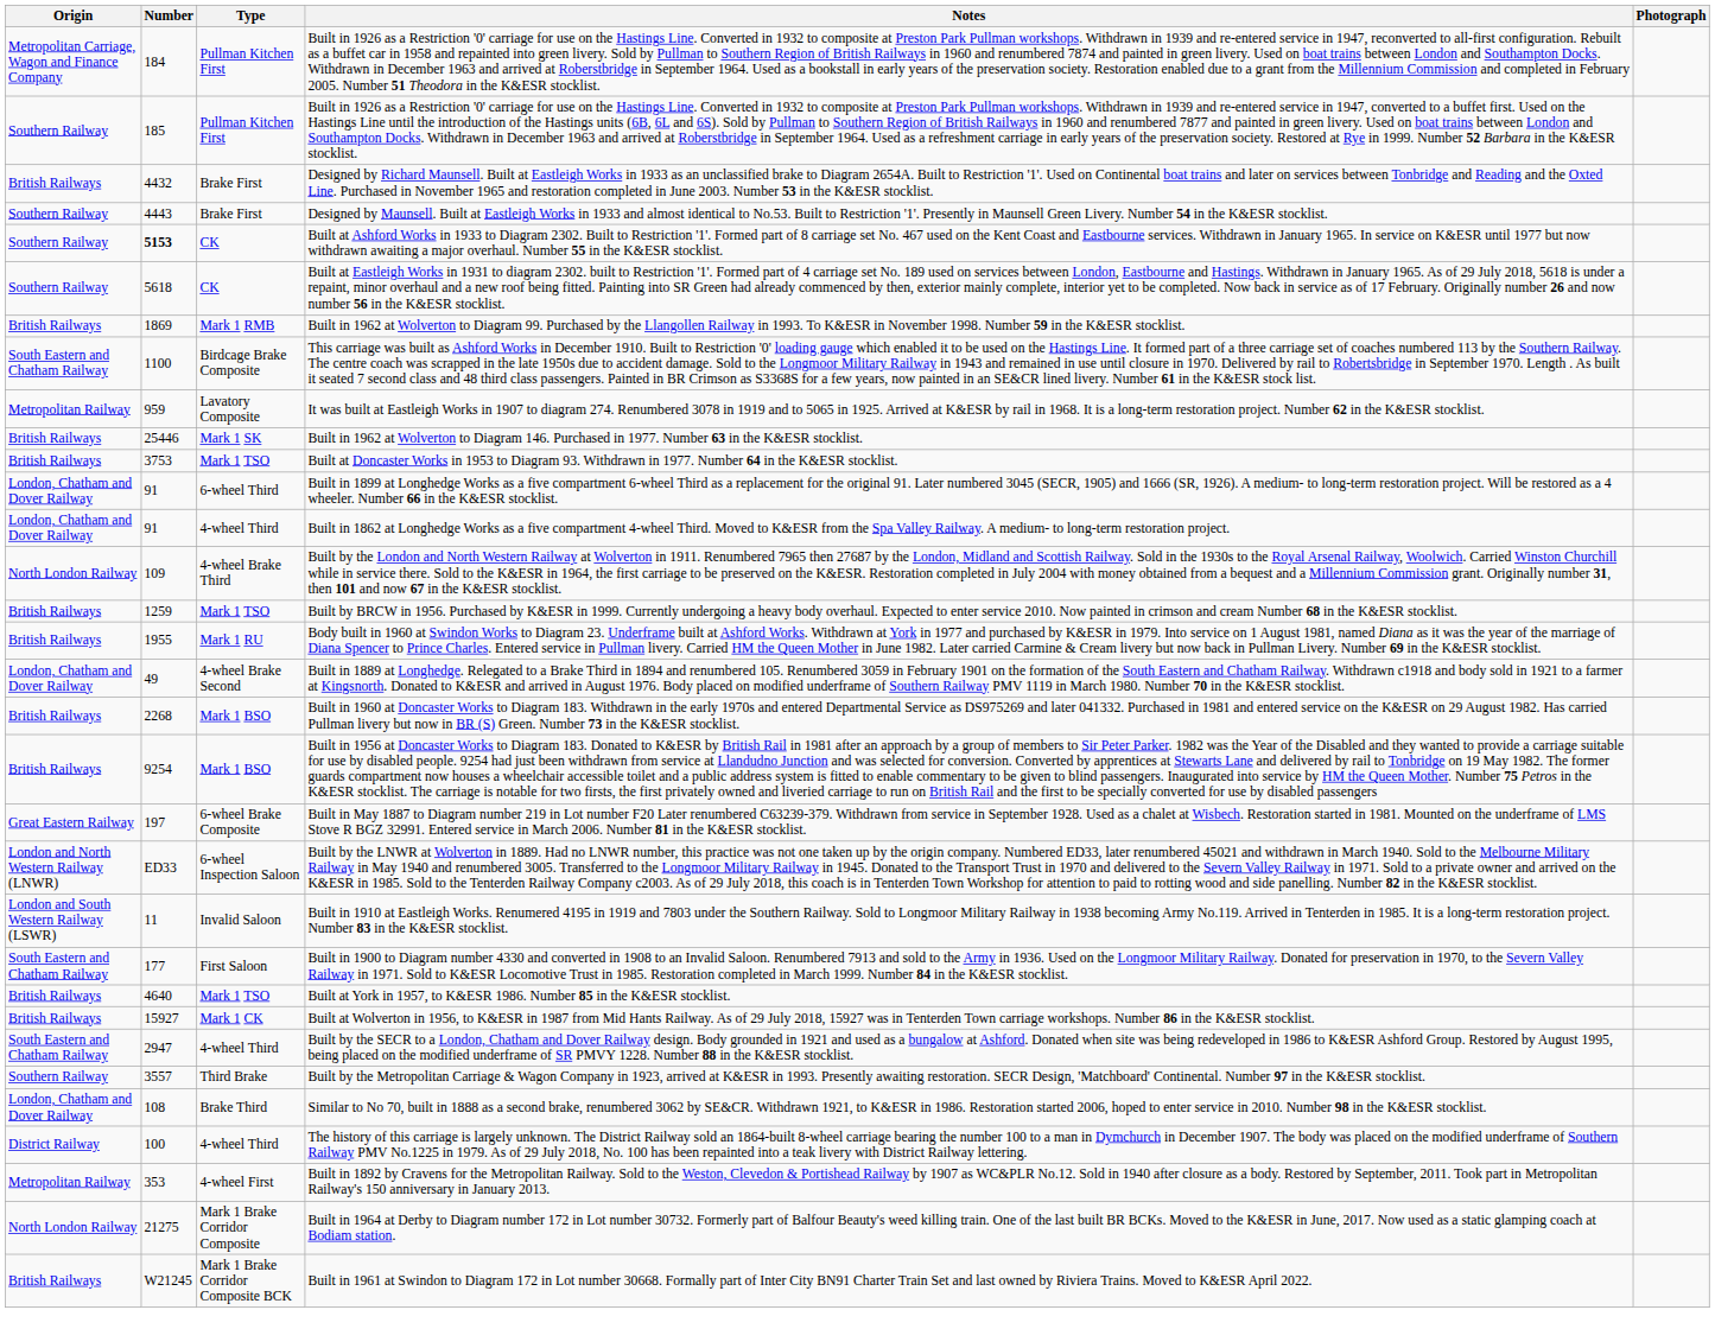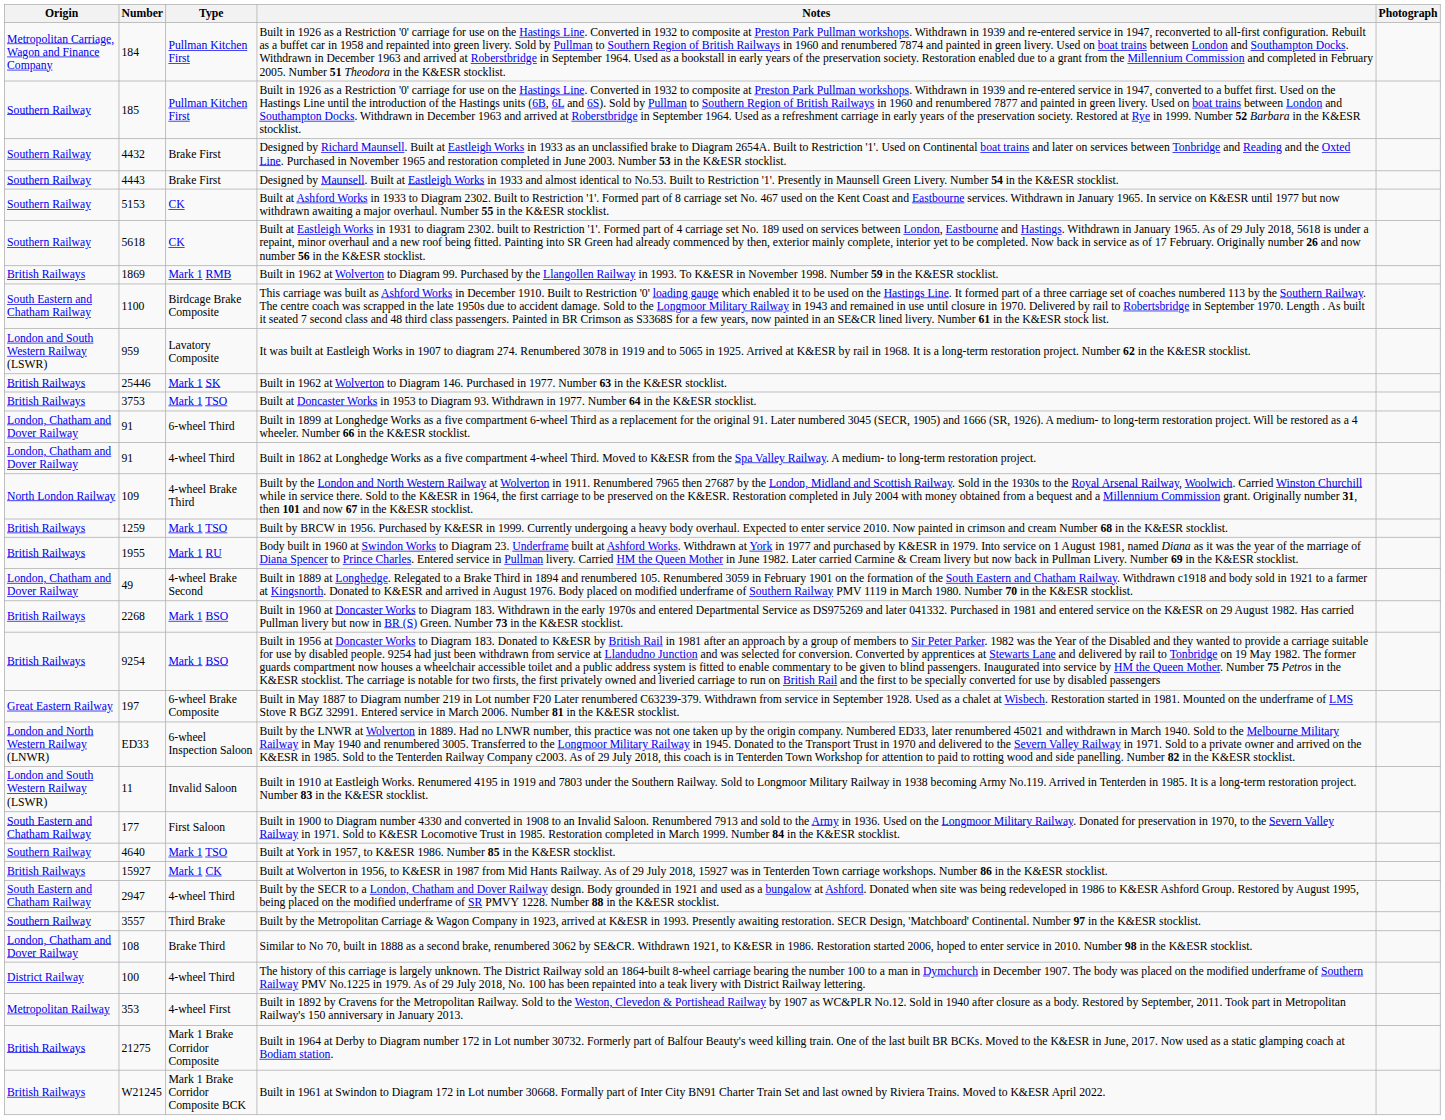 <table class="wikitable">
 <tr>
 <th>Origin</th>
 <th>Number</th>
 <th>Type</th>
 <th>Notes</th>
 <th>Photograph</th>
 </tr>
 <tr>
 <td><a href='#'>Metropolitan Carriage, Wagon and Finance Company</a></td>
 <td>184</td>
 <td><a href='#'>Pullman Kitchen First</a></td>
 <td>Built in 1926 as a Restriction '0' carriage for use on the <a href='#'>Hastings Line</a>. Converted in 1932 to composite at <a href='#'>Preston Park Pullman workshops</a>. Withdrawn in 1939 and re-entered service in 1947, reconverted to all-first configuration. Rebuilt as a buffet car in 1958 and repainted into green livery. Sold by <a href='#'>Pullman</a> to <a href='#'>Southern Region of British Railways</a> in 1960 and renumbered 7874 and painted in green livery. Used on <a href='#'>boat trains</a> between <a href='#'>London</a> and <a href='#'>Southampton Docks</a>. Withdrawn in December 1963 and arrived at <a href='#'>Roberstbridge</a> in September 1964. Used as a bookstall in early years of the preservation society. Restoration enabled due to a grant from the <a href='#'>Millennium Commission</a> and completed in February 2005. Number <strong>51</strong> <em>Theodora</em> in the K&ESR stocklist.</td>
 <td></td>
 </tr>
 <tr>
 <td><a href='#'>Southern Railway</a></td>
 <td>185</td>
 <td><a href='#'>Pullman Kitchen First</a></td>
 <td>Built in 1926 as a Restriction '0' carriage for use on the <a href='#'>Hastings Line</a>. Converted in 1932 to composite at <a href='#'>Preston Park Pullman workshops</a>. Withdrawn in 1939 and re-entered service in 1947, converted to a buffet first. Used on the Hastings Line until the introduction of the Hastings units (<a href='#'>6B</a>, <a href='#'>6L</a> and <a href='#'>6S</a>). Sold by <a href='#'>Pullman</a> to <a href='#'>Southern Region of British Railways</a> in 1960 and renumbered 7877 and painted in green livery. Used on <a href='#'>boat trains</a> between <a href='#'>London</a> and <a href='#'>Southampton Docks</a>. Withdrawn in December 1963 and arrived at <a href='#'>Roberstbridge</a> in September 1964. Used as a refreshment carriage in early years of the preservation society. Restored at <a href='#'>Rye</a> in 1999. Number <strong>52</strong> <em>Barbara</em> in the K&ESR stocklist.</td>
 <td></td>
 </tr>
 <tr>
-<td><a href='#'>British Railways</a></td>
+<td><a href='#'>Southern Railway</a></td>
 <td>4432</td>
 <td>Brake First</td>
 <td>Designed by <a href='#'>Richard Maunsell</a>. Built at <a href='#'>Eastleigh Works</a> in 1933 as an unclassified brake to Diagram 2654A. Built to Restriction '1'. Used on Continental <a href='#'>boat trains</a> and later on services between <a href='#'>Tonbridge</a> and <a href='#'>Reading</a> and the <a href='#'>Oxted Line</a>. Purchased in November 1965 and restoration completed in June 2003. Number <strong>53</strong> in the K&ESR stocklist.</td>
 <td></td>
 </tr>
 <tr>
 <td><a href='#'>Southern Railway</a></td>
 <td>4443</td>
 <td>Brake First</td>
 <td>Designed by <a href='#'>Maunsell</a>. Built at <a href='#'>Eastleigh Works</a> in 1933 and almost identical to No.53. Built to Restriction '1'. Presently in Maunsell Green Livery.  Number <strong>54</strong> in the K&ESR stocklist.</td>
 <td></td>
 </tr>
 <tr>
 <td><a href='#'>Southern Railway</a></td>
-<td><strong>5153</strong></td>
+<td>5153</td>
 <td><a href='#'>CK</a></td>
 <td>Built at <a href='#'>Ashford Works</a> in 1933 to Diagram 2302. Built to Restriction '1'. Formed part of 8 carriage set No. 467 used on the Kent Coast and <a href='#'>Eastbourne</a> services. Withdrawn in January 1965. In service on K&ESR until 1977 but now withdrawn awaiting a major overhaul.  Number <strong>55</strong> in the K&ESR stocklist.</td>
 <td></td>
 </tr>
 <tr>
 <td><a href='#'>Southern Railway</a></td>
 <td>5618</td>
 <td><a href='#'>CK</a></td>
 <td>Built at <a href='#'>Eastleigh Works</a> in 1931 to diagram 2302. built to Restriction '1'. Formed part of 4 carriage set No. 189 used on services between <a href='#'>London</a>, <a href='#'>Eastbourne</a> and <a href='#'>Hastings</a>. Withdrawn in January 1965. As of 29 July 2018, 5618 is under a repaint, minor overhaul and a new roof being fitted. Painting into SR Green had already commenced by then, exterior mainly complete, interior yet to be completed. Now back in service as of 17 February. Originally number <strong>26</strong> and now number <strong>56</strong> in the K&ESR stocklist.</td>
 <td></td>
 </tr>
 <tr>
 <td><a href='#'>British Railways</a></td>
 <td>1869</td>
 <td><a href='#'>Mark 1</a> <a href='#'>RMB</a></td>
 <td>Built in 1962 at <a href='#'>Wolverton</a> to Diagram 99. Purchased by the <a href='#'>Llangollen Railway</a> in 1993. To K&ESR in November 1998. Number <strong>59</strong> in the K&ESR stocklist.</td>
 <td></td>
 </tr>
 <tr>
 <td><a href='#'>South Eastern and Chatham Railway</a></td>
 <td>1100</td>
 <td>Birdcage Brake Composite</td>
 <td>This carriage was built as <a href='#'>Ashford Works</a> in December 1910. Built to Restriction '0' <a href='#'>loading gauge</a> which enabled it to be used on the <a href='#'>Hastings Line</a>. It formed part of a three carriage set of coaches numbered 113 by the <a href='#'>Southern Railway</a>. The centre coach was scrapped in the late 1950s due to accident damage. Sold to the <a href='#'>Longmoor Military Railway</a> in 1943 and remained in use until closure in 1970. Delivered by rail to <a href='#'>Robertsbridge</a> in September 1970. Length . As built it seated 7 second class and 48 third class passengers. Painted in BR Crimson as S3368S for a few years, now painted in an SE&CR lined livery.  Number <strong>61</strong> in the K&ESR stock list.</td>
 <td></td>
 </tr>
 <tr>
-<td><a href='#'>Metropolitan Railway</a></td>
+<td><a href='#'>London and South Western Railway</a> (LSWR)</td>
 <td>959</td>
 <td>Lavatory Composite</td>
 <td>It was built at Eastleigh Works in 1907 to diagram 274. Renumbered 3078 in 1919 and to 5065 in 1925. Arrived at K&ESR by rail in 1968. It is a long-term restoration project. Number <strong>62</strong> in the K&ESR stocklist.</td>
 <td></td>
 </tr>
 <tr>
 <td><a href='#'>British Railways</a></td>
 <td>25446</td>
 <td><a href='#'>Mark 1</a> <a href='#'>SK</a></td>
 <td>Built in 1962 at <a href='#'>Wolverton</a> to Diagram 146. Purchased in 1977. Number <strong>63</strong> in the K&ESR stocklist.</td>
 <td></td>
 </tr>
 <tr>
 <td><a href='#'>British Railways</a></td>
 <td>3753</td>
 <td><a href='#'>Mark 1</a> <a href='#'>TSO</a></td>
 <td>Built at <a href='#'>Doncaster Works</a> in 1953 to Diagram 93. Withdrawn in 1977. Number <strong>64</strong> in the K&ESR stocklist.</td>
 <td></td>
 </tr>
 <tr>
 <td><a href='#'>London, Chatham and Dover Railway</a></td>
 <td>91</td>
 <td>6-wheel Third</td>
 <td>Built in 1899 at Longhedge Works as a five compartment 6-wheel Third as a replacement for the original 91. Later numbered 3045 (SECR, 1905) and 1666 (SR, 1926). A medium- to long-term restoration project. Will be restored as a 4 wheeler. Number <strong>66</strong> in the K&ESR stocklist.</td>
 <td></td>
 </tr>
 <tr>
 <td><a href='#'>London, Chatham and Dover Railway</a></td>
 <td>91</td>
 <td>4-wheel Third</td>
 <td>Built in 1862 at Longhedge Works as a five compartment 4-wheel Third. Moved to K&ESR from the <a href='#'>Spa Valley Railway</a>. A medium- to long-term restoration project.</td>
 <td></td>
 </tr>
 <tr>
 <td><a href='#'>North London Railway</a></td>
 <td>109</td>
 <td>4-wheel Brake Third</td>
 <td>Built by the <a href='#'>London and North Western Railway</a> at <a href='#'>Wolverton</a> in 1911. Renumbered 7965 then 27687 by the <a href='#'>London, Midland and Scottish Railway</a>. Sold in the 1930s to the <a href='#'>Royal Arsenal Railway</a>, <a href='#'>Woolwich</a>. Carried <a href='#'>Winston Churchill</a> while in service there. Sold to the K&ESR in 1964, the first carriage to be preserved on the K&ESR. Restoration completed in July 2004 with money obtained from a bequest and a <a href='#'>Millennium Commission</a> grant. Originally number <strong>31</strong>, then <strong>101</strong> and now <strong>67</strong> in the K&ESR stocklist.</td>
 <td></td>
 </tr>
 <tr>
 <td><a href='#'>British Railways</a></td>
 <td>1259</td>
 <td><a href='#'>Mark 1</a> <a href='#'>TSO</a></td>
 <td>Built by BRCW in 1956. Purchased by K&ESR in 1999. Currently undergoing a heavy body overhaul. Expected to enter service 2010. Now painted in crimson and cream Number <strong>68</strong> in the K&ESR stocklist.</td>
 <td></td>
 </tr>
 <tr>
 <td><a href='#'>British Railways</a></td>
 <td>1955</td>
 <td><a href='#'>Mark 1</a> <a href='#'>RU</a></td>
 <td>Body built in 1960 at <a href='#'>Swindon Works</a> to Diagram 23. <a href='#'>Underframe</a> built at <a href='#'>Ashford Works</a>. Withdrawn at <a href='#'>York</a> in 1977 and purchased by K&ESR in 1979. Into service on 1 August 1981, named <em>Diana</em> as it was the year of the marriage of <a href='#'>Diana Spencer</a> to <a href='#'>Prince Charles</a>. Entered service in <a href='#'>Pullman</a> livery. Carried <a href='#'>HM the Queen Mother</a> in June 1982. Later carried Carmine & Cream livery but now back in Pullman Livery. Number <strong>69</strong> in the K&ESR stocklist.</td>
 <td></td>
 </tr>
 <tr>
 <td><a href='#'>London, Chatham and Dover Railway</a></td>
 <td>49</td>
 <td>4-wheel Brake Second</td>
 <td>Built in 1889 at <a href='#'>Longhedge</a>. Relegated to a Brake Third in 1894 and renumbered 105. Renumbered 3059 in February 1901 on the formation of the <a href='#'>South Eastern and Chatham Railway</a>. Withdrawn c1918 and body sold in 1921 to a farmer at <a href='#'>Kingsnorth</a>. Donated to K&ESR and arrived in August 1976. Body placed on modified underframe of <a href='#'>Southern Railway</a> PMV 1119 in March 1980. Number <strong>70</strong> in the K&ESR stocklist.</td>
 <td></td>
 </tr>
 <tr>
 <td><a href='#'>British Railways</a></td>
 <td>2268</td>
 <td><a href='#'>Mark 1</a> <a href='#'>BSO</a></td>
 <td>Built in 1960 at <a href='#'>Doncaster Works</a> to Diagram 183. Withdrawn in the early 1970s and entered Departmental Service as DS975269 and later 041332. Purchased in 1981 and entered service on the K&ESR on 29 August 1982. Has carried Pullman livery but now in <a href='#'>BR (S)</a> Green. Number <strong>73</strong> in the K&ESR stocklist.</td>
 <td></td>
 </tr>
 <tr>
 <td><a href='#'>British Railways</a></td>
 <td>9254</td>
 <td><a href='#'>Mark 1</a> <a href='#'>BSO</a></td>
 <td>Built in 1956 at <a href='#'>Doncaster Works</a> to Diagram 183. Donated to K&ESR by <a href='#'>British Rail</a> in 1981 after an approach by a group of members to <a href='#'>Sir Peter Parker</a>. 1982 was the Year of the Disabled and they wanted to provide a carriage suitable for use by disabled people. 9254 had just been withdrawn from service at <a href='#'>Llandudno Junction</a> and was selected for conversion. Converted by apprentices at <a href='#'>Stewarts Lane</a> and delivered by rail to <a href='#'>Tonbridge</a> on 19 May 1982. The former guards compartment now houses a wheelchair accessible toilet and a public address system is fitted to enable commentary to be given to blind passengers. Inaugurated into service by <a href='#'>HM the Queen Mother</a>. Number <strong>75</strong> <em>Petros</em> in the K&ESR stocklist. The carriage is notable for two firsts, the first privately owned and liveried carriage to run on <a href='#'>British Rail</a> and the first to be specially converted for use by disabled passengers</td>
 <td></td>
 </tr>
 <tr>
 <td><a href='#'>Great Eastern Railway</a></td>
 <td>197</td>
 <td>6-wheel Brake Composite</td>
 <td>Built in May 1887 to Diagram number 219 in Lot number F20 Later renumbered C63239-379.  Withdrawn from service in September 1928. Used as a chalet at <a href='#'>Wisbech</a>. Restoration started in 1981. Mounted on the underframe of <a href='#'>LMS</a> Stove R BGZ 32991. Entered service in March 2006. Number <strong>81</strong> in the K&ESR stocklist.</td>
 <td></td>
 </tr>
 <tr>
 <td><a href='#'>London and North Western Railway</a> (LNWR)</td>
 <td>ED33</td>
 <td>6-wheel Inspection Saloon</td>
 <td>Built by the LNWR at <a href='#'>Wolverton</a> in 1889. Had no LNWR number, this practice was not one taken up by the origin company. Numbered ED33, later renumbered 45021  and withdrawn in March 1940. Sold to the <a href='#'>Melbourne Military Railway</a> in May 1940 and renumbered 3005. Transferred to the <a href='#'>Longmoor Military Railway</a> in 1945. Donated to the Transport Trust in 1970 and delivered to the <a href='#'>Severn Valley Railway</a> in 1971. Sold to a private owner and arrived on the K&ESR in 1985. Sold to the Tenterden Railway Company c2003. As of 29 July 2018, this coach is in Tenterden Town Workshop for attention to paid to rotting wood and side panelling. Number <strong>82</strong> in the K&ESR stocklist.</td>
 <td></td>
 </tr>
 <tr>
 <td><a href='#'>London and South Western Railway</a> (LSWR)</td>
 <td>11</td>
 <td>Invalid Saloon</td>
 <td>Built in 1910 at Eastleigh Works. Renumered 4195 in 1919 and 7803 under the Southern Railway. Sold to Longmoor Military Railway in 1938 becoming Army No.119. Arrived in Tenterden in 1985. It is a long-term restoration project. Number <strong>83</strong> in the K&ESR stocklist.</td>
 <td></td>
 </tr>
 <tr>
 <td><a href='#'>South Eastern and Chatham Railway</a></td>
 <td>177</td>
 <td>First Saloon</td>
 <td>Built in 1900 to Diagram number 4330 and converted in 1908 to an Invalid Saloon. Renumbered 7913  and sold to the <a href='#'>Army</a> in 1936. Used on the <a href='#'>Longmoor Military Railway</a>. Donated for preservation in 1970, to the <a href='#'>Severn Valley Railway</a> in 1971. Sold to K&ESR Locomotive Trust in 1985. Restoration completed in March 1999. Number <strong>84</strong> in the K&ESR stocklist.</td>
 <td></td>
 </tr>
 <tr>
-<td><a href='#'>British Railways</a></td>
+<td><a href='#'>Southern Railway</a></td>
 <td>4640</td>
 <td><a href='#'>Mark 1</a> <a href='#'>TSO</a></td>
 <td>Built at York in 1957, to K&ESR 1986. Number <strong>85</strong> in the K&ESR stocklist.</td>
 <td></td>
 </tr>
 <tr>
 <td><a href='#'>British Railways</a></td>
 <td>15927</td>
 <td><a href='#'>Mark 1</a> <a href='#'>CK</a></td>
 <td>Built at Wolverton in 1956, to K&ESR in 1987 from Mid Hants Railway. As of 29 July 2018, 15927 was in Tenterden Town carriage workshops. Number <strong>86</strong> in the K&ESR stocklist.</td>
 <td></td>
 </tr>
 <tr>
 <td><a href='#'>South Eastern and Chatham Railway</a></td>
 <td>2947</td>
 <td>4-wheel Third</td>
 <td>Built by the SECR to a <a href='#'>London, Chatham and Dover Railway</a> design. Body grounded in 1921 and used as a <a href='#'>bungalow</a> at <a href='#'>Ashford</a>. Donated when site was being redeveloped in 1986 to K&ESR Ashford Group. Restored by August 1995, being placed on the modified underframe of <a href='#'>SR</a> PMVY 1228. Number <strong>88</strong> in the K&ESR stocklist.</td>
 <td></td>
 </tr>
 <tr>
 <td><a href='#'>Southern Railway</a></td>
 <td>3557</td>
 <td>Third Brake</td>
 <td>Built by the Metropolitan Carriage & Wagon Company in 1923, arrived at K&ESR in 1993. Presently awaiting restoration. SECR Design, 'Matchboard' Continental. Number <strong>97</strong> in the K&ESR stocklist.</td>
 <td></td>
 </tr>
 <tr>
 <td><a href='#'>London, Chatham and Dover Railway</a></td>
 <td>108</td>
 <td>Brake Third</td>
 <td>Similar to No 70, built in 1888 as a second brake, renumbered 3062 by SE&CR. Withdrawn 1921, to K&ESR in 1986. Restoration started 2006, hoped to enter service in 2010. Number <strong>98</strong> in the K&ESR stocklist.</td>
 <td></td>
 </tr>
 <tr>
 <td><a href='#'>District Railway</a></td>
 <td>100</td>
 <td>4-wheel Third</td>
 <td>The history of this carriage is largely unknown. The District Railway sold an 1864-built 8-wheel carriage bearing the number 100 to a man in <a href='#'>Dymchurch</a> in December 1907. The body was placed on the modified underframe of <a href='#'>Southern Railway</a> PMV No.1225 in 1979. As of 29 July 2018, No. 100 has been repainted into a teak livery with District Railway lettering.</td>
 <td></td>
 </tr>
 <tr>
 <td><a href='#'>Metropolitan Railway</a></td>
 <td>353</td>
 <td>4-wheel First</td>
 <td>Built in 1892 by Cravens for the Metropolitan Railway. Sold to the <a href='#'>Weston, Clevedon & Portishead Railway</a> by 1907 as WC&PLR No.12. Sold in 1940 after closure as a body. Restored by September, 2011. Took part in Metropolitan Railway's 150 anniversary in January 2013.</td>
 <td></td>
 </tr>
 <tr>
-<td><a href='#'>North London Railway</a></td>
+<td><a href='#'>British Railways</a></td>
 <td>21275</td>
 <td>Mark 1 Brake Corridor Composite</td>
 <td>Built in 1964 at Derby to Diagram number 172 in Lot number 30732. Formerly part of Balfour Beauty's weed killing train. One of the last built BR BCKs. Moved to the K&ESR in June, 2017. Now used as a static glamping coach at <a href='#'>Bodiam station</a>.</td>
 <td></td>
 </tr>
 <tr>
 <td><a href='#'>British Railways</a></td>
 <td>W21245</td>
 <td>Mark 1 Brake Corridor Composite BCK</td>
 <td>Built in 1961 at Swindon to Diagram 172 in Lot number 30668.  Formally part of Inter City BN91 Charter Train Set and last owned by Riviera Trains.  Moved to K&ESR April 2022.</td>
 <td></td>
 </tr>
 </table>
